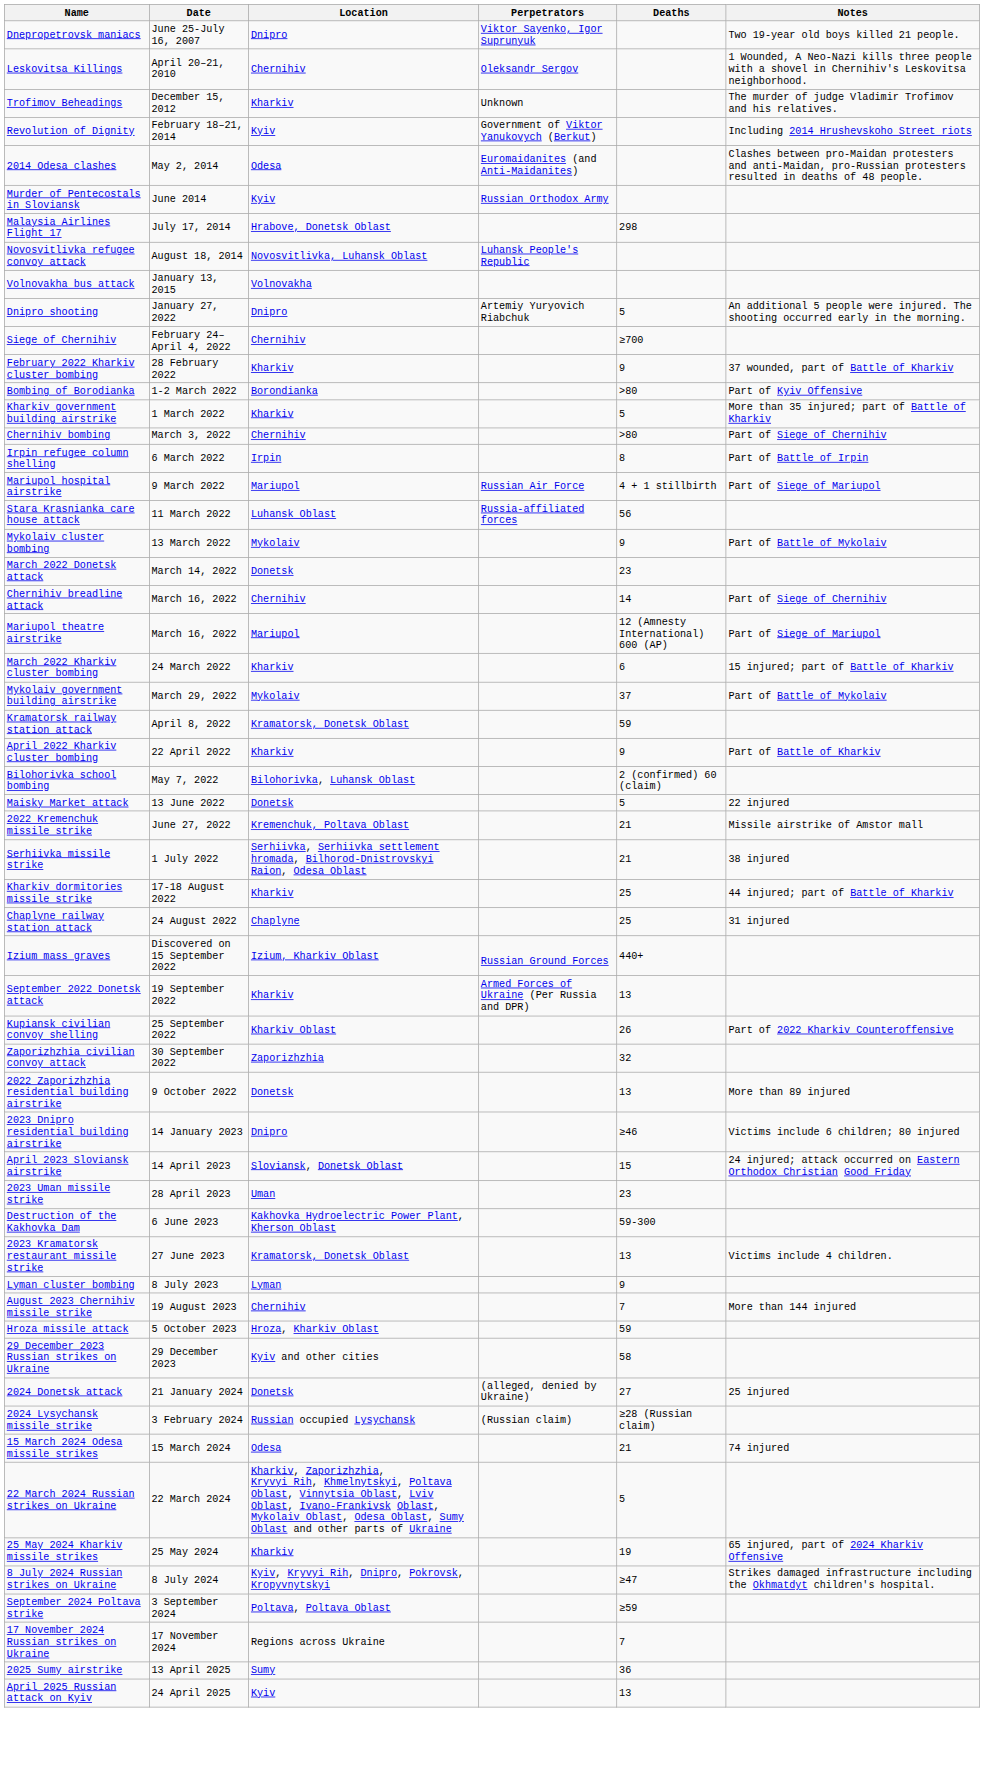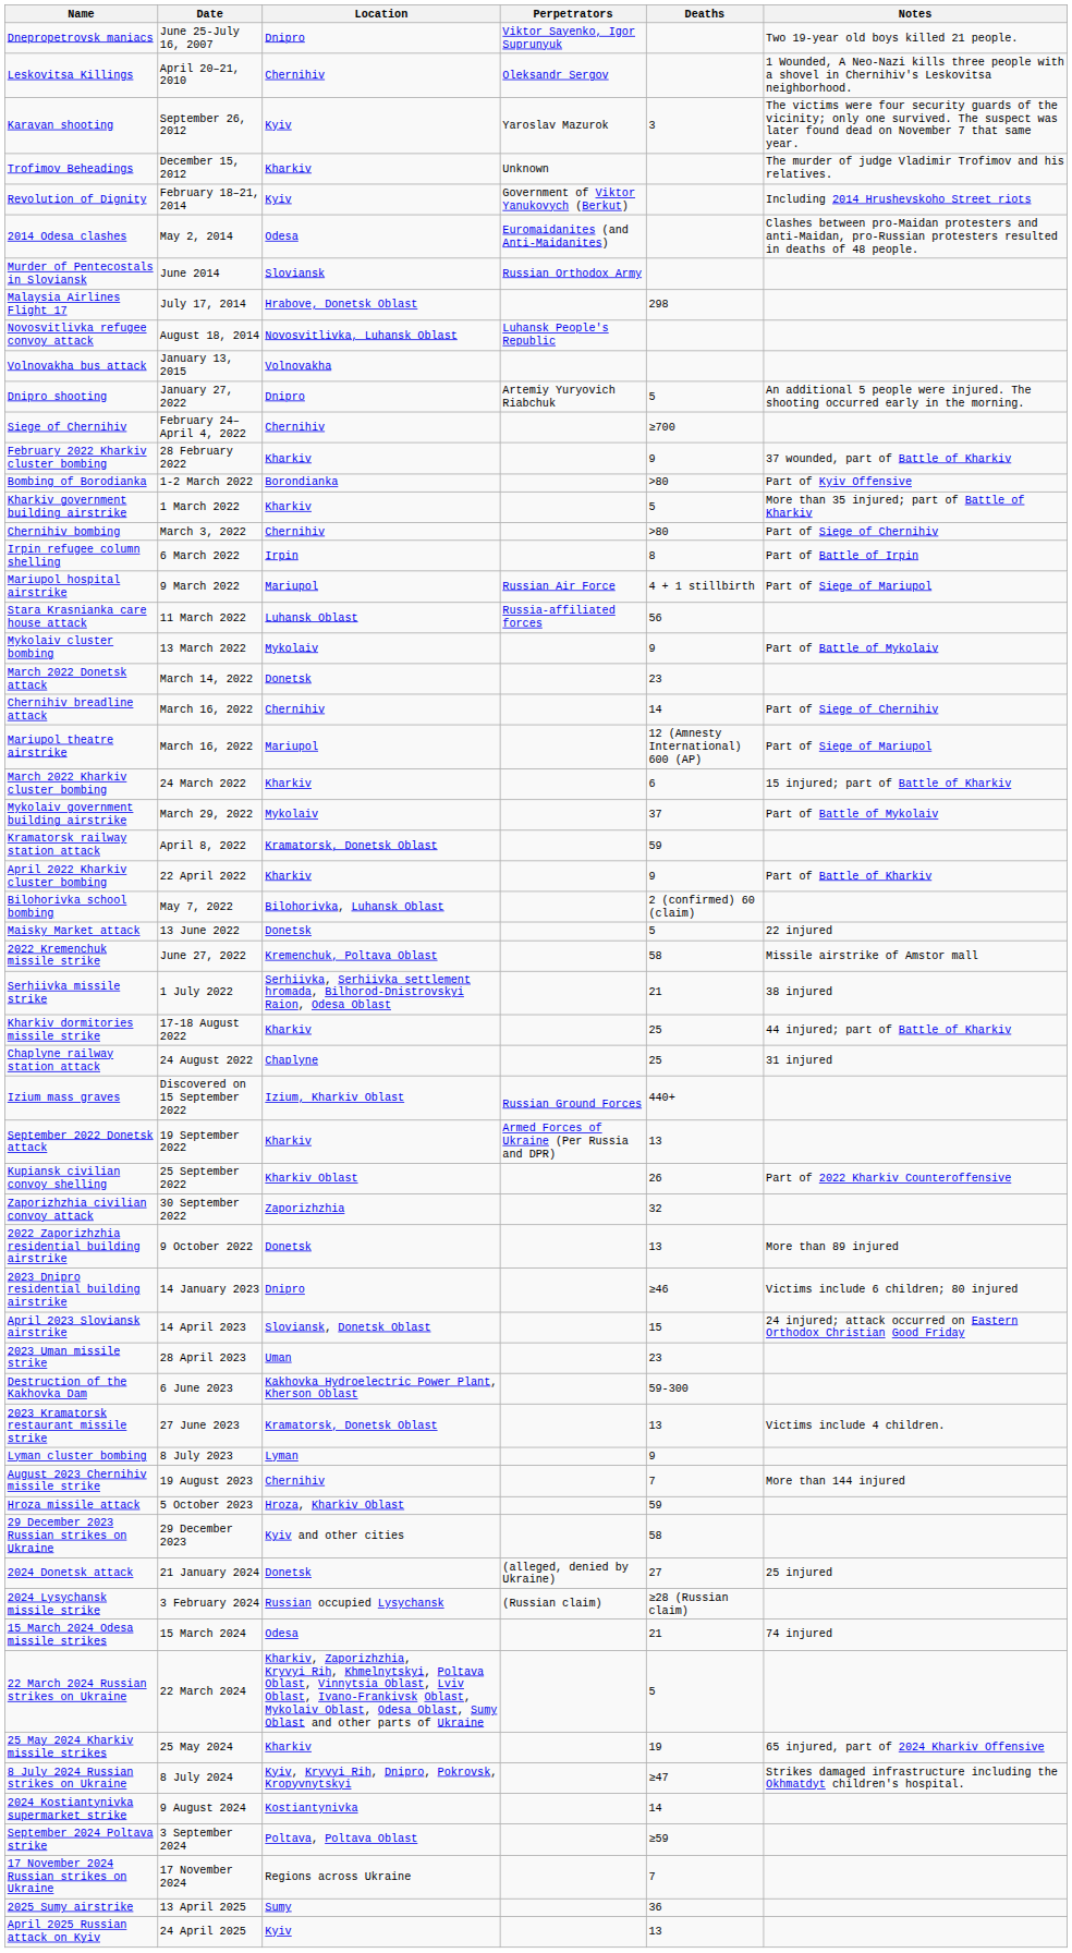 <table class="sortable wikitable">
 <tr>
 <th scope="col">Name</th>
 <th scope="col">Date</th>
 <th scope="col">Location</th>
 <th scope="col">Perpetrators</th>
 <th scope="col">Deaths</th>
 <th scope="col">Notes</th>
 </tr>
 <tr>
 <td Scope="row"><a href='#'>Dnepropetrovsk maniacs</a></td>
 <td>June 25-July 16, 2007</td>
 <td><a href='#'>Dnipro</a></td>
 <td><a href='#'>Viktor Sayenko, Igor Suprunyuk</a></td>
 <td></td>
 <td>Two 19-year old boys killed 21 people.</td>
 </tr>
 <tr>
 <td Scope="row"><a href='#'>Leskovitsa Killings</a></td>
 <td>April 20–21, 2010</td>
 <td><a href='#'>Chernihiv</a></td>
 <td><a href='#'>Oleksandr Sergov</a></td>
 <td></td>
 <td>1 Wounded, A Neo-Nazi kills three people with a shovel in Chernihiv's Leskovitsa neighborhood.</td>
+</tr>
+<tr>
+<td><a href='#'>Karavan shooting</a></td>
+<td>September 26, 2012</td>
+<td><a href='#'>Kyiv</a></td>
+<td>Yaroslav Mazurok</td>
+<td>3</td>
+<td>The victims were four security guards of the vicinity; only one survived. The suspect was later found dead on November 7 that same year.</td>
 </tr>
 <tr>
 <td scope="row"><a href='#'>Trofimov Beheadings</a></td>
 <td>December 15, 2012</td>
 <td><a href='#'>Kharkiv</a></td>
 <td>Unknown</td>
 <td></td>
 <td>The murder of judge Vladimir Trofimov and his relatives.</td>
 </tr>
 <tr>
 <td scope="row"><a href='#'>Revolution of Dignity</a></td>
 <td>February 18–21, 2014</td>
 <td><a href='#'>Kyiv</a></td>
 <td>Government of <a href='#'>Viktor Yanukovych</a> (<a href='#'>Berkut</a>)</td>
 <td></td>
 <td>Including <a href='#'>2014 Hrushevskoho Street riots</a></td>
 </tr>
 <tr>
 <td scope="row"><a href='#'>2014 Odesa clashes</a></td>
 <td>May 2, 2014</td>
 <td><a href='#'>Odesa</a></td>
 <td><a href='#'>Euromaidanites</a> (and <a href='#'>Anti-Maidanites</a>)</td>
 <td></td>
 <td>Clashes between pro-Maidan protesters and anti-Maidan, pro-Russian protesters resulted in deaths of 48 people.</td>
 </tr>
 <tr>
 <td scope="row"><a href='#'>Murder of Pentecostals in Sloviansk</a></td>
 <td>June 2014</td>
-<td><a href='#'>Kyiv</a></td>
+<td><a href='#'>Sloviansk</a></td>
 <td><a href='#'>Russian Orthodox Army</a></td>
 <td></td>
 <td></td>
 </tr>
 <tr>
 <td scope="row"><a href='#'>Malaysia Airlines Flight 17</a></td>
 <td>July 17, 2014</td>
 <td><a href='#'>Hrabove, Donetsk Oblast</a></td>
 <td></td>
 <td>298</td>
 <td></td>
 </tr>
 <tr>
 <td scope="row"><a href='#'>Novosvitlivka refugee convoy attack</a></td>
 <td>August 18, 2014</td>
 <td><a href='#'>Novosvitlivka, Luhansk Oblast</a></td>
 <td> <a href='#'>Luhansk People's Republic</a></td>
 <td></td>
 <td></td>
 </tr>
 <tr>
 <td scope="row"><a href='#'>Volnovakha bus attack</a></td>
 <td>January 13, 2015</td>
 <td><a href='#'>Volnovakha</a></td>
 <td></td>
 <td></td>
 <td></td>
 </tr>
 <tr>
 <td><a href='#'>Dnipro shooting</a></td>
 <td>January 27, 2022</td>
 <td><a href='#'>Dnipro</a></td>
 <td>Artemiy Yuryovich Riabchuk</td>
 <td>5</td>
 <td>An additional 5 people were injured. The shooting occurred early in the morning.</td>
 </tr>
 <tr>
 <td scope="row"><a href='#'>Siege of Chernihiv</a></td>
 <td>February 24–April 4, 2022</td>
 <td><a href='#'>Chernihiv</a></td>
 <td></td>
 <td>≥700</td>
 <td></td>
 </tr>
 <tr>
 <td><a href='#'>February 2022 Kharkiv cluster bombing</a></td>
 <td>28 February 2022</td>
 <td><a href='#'>Kharkiv</a></td>
 <td></td>
 <td>9</td>
 <td>37 wounded, part of <a href='#'>Battle of Kharkiv</a></td>
 </tr>
 <tr>
 <td><a href='#'>Bombing of Borodianka</a></td>
 <td>1-2 March 2022</td>
 <td><a href='#'>Borondianka</a></td>
 <td></td>
 <td>>80</td>
 <td>Part of <a href='#'>Kyiv Offensive</a></td>
 </tr>
 <tr>
 <td><a href='#'>Kharkiv government building airstrike</a></td>
 <td>1 March 2022</td>
 <td><a href='#'>Kharkiv</a></td>
 <td></td>
 <td>5</td>
 <td>More than 35 injured; part of <a href='#'>Battle of Kharkiv</a></td>
 </tr>
 <tr>
 <td scope="row"><a href='#'>Chernihiv bombing</a></td>
 <td>March 3, 2022</td>
 <td><a href='#'>Chernihiv</a></td>
 <td></td>
 <td>>80</td>
 <td>Part of <a href='#'>Siege of Chernihiv</a></td>
 </tr>
 <tr>
 <td><a href='#'>Irpin refugee column shelling</a></td>
 <td>6 March 2022</td>
 <td><a href='#'>Irpin</a></td>
 <td></td>
 <td>8</td>
 <td>Part of <a href='#'>Battle of Irpin</a></td>
 </tr>
 <tr>
 <td><a href='#'>Mariupol hospital airstrike</a></td>
 <td>9 March 2022</td>
 <td><a href='#'>Mariupol</a></td>
 <td> <a href='#'>Russian Air Force</a></td>
 <td>4 + 1 stillbirth</td>
 <td>Part of <a href='#'>Siege of Mariupol</a></td>
 </tr>
 <tr>
 <td><a href='#'>Stara Krasnianka care house attack</a></td>
 <td>11 March 2022</td>
 <td><a href='#'>Luhansk Oblast</a></td>
 <td><a href='#'>Russia-affiliated forces</a></td>
 <td>56</td>
 <td></td>
 </tr>
 <tr>
 <td><a href='#'>Mykolaiv cluster bombing</a></td>
 <td>13 March 2022</td>
 <td><a href='#'>Mykolaiv</a></td>
 <td></td>
 <td>9</td>
 <td>Part of <a href='#'>Battle of Mykolaiv</a></td>
 </tr>
 <tr>
 <td scope="row"><a href='#'>March 2022 Donetsk attack</a></td>
 <td>March 14, 2022</td>
 <td><a href='#'>Donetsk</a></td>
 <td><br></td>
 <td>23</td>
 <td></td>
 </tr>
 <tr>
 <td scope="row"><a href='#'>Chernihiv breadline attack</a></td>
 <td>March 16, 2022</td>
 <td><a href='#'>Chernihiv</a></td>
 <td></td>
 <td>14</td>
 <td>Part of <a href='#'>Siege of Chernihiv</a></td>
 </tr>
 <tr>
 <td scope="row"><a href='#'>Mariupol theatre airstrike</a></td>
 <td>March 16, 2022</td>
 <td><a href='#'>Mariupol</a></td>
 <td></td>
 <td>12 (Amnesty International)<br>600 (AP)</td>
 <td>Part of <a href='#'>Siege of Mariupol</a></td>
 </tr>
 <tr>
 <td><a href='#'>March 2022 Kharkiv cluster bombing</a></td>
 <td>24 March 2022</td>
 <td><a href='#'>Kharkiv</a></td>
 <td></td>
 <td>6</td>
 <td>15 injured; part of <a href='#'>Battle of Kharkiv</a></td>
 </tr>
 <tr>
 <td scope="row"><a href='#'>Mykolaiv government building airstrike</a></td>
 <td>March 29, 2022</td>
 <td><a href='#'>Mykolaiv</a></td>
 <td></td>
 <td>37</td>
 <td>Part of <a href='#'>Battle of Mykolaiv</a></td>
 </tr>
 <tr>
 <td scope="row"><a href='#'>Kramatorsk railway station attack</a></td>
 <td>April 8, 2022</td>
 <td><a href='#'>Kramatorsk, Donetsk Oblast</a></td>
 <td></td>
 <td>59</td>
 <td></td>
 </tr>
 <tr>
 <td><a href='#'>April 2022 Kharkiv cluster bombing</a></td>
 <td>22 April 2022</td>
 <td><a href='#'>Kharkiv</a></td>
 <td></td>
 <td>9</td>
 <td>Part of <a href='#'>Battle of Kharkiv</a></td>
 </tr>
 <tr>
 <td scope="row"><a href='#'>Bilohorivka school bombing</a></td>
 <td>May 7, 2022</td>
 <td><a href='#'>Bilohorivka</a>, <a href='#'>Luhansk Oblast</a></td>
 <td></td>
 <td>2 (confirmed) 60 (claim)</td>
 <td></td>
 </tr>
 <tr>
 <td><a href='#'>Maisky Market attack</a></td>
 <td>13 June 2022</td>
 <td><a href='#'>Donetsk</a></td>
 <td></td>
 <td>5</td>
 <td>22 injured</td>
 </tr>
 <tr>
 <td scope="row"><a href='#'>2022 Kremenchuk missile strike</a></td>
 <td>June 27, 2022</td>
 <td><a href='#'>Kremenchuk, Poltava Oblast</a></td>
 <td></td>
-<td>21</td>
+<td>58</td>
 <td>Missile airstrike of Amstor mall</td>
 </tr>
 <tr>
 <td><a href='#'>Serhiivka missile strike</a></td>
 <td>1 July 2022</td>
 <td><a href='#'>Serhiivka</a>, <a href='#'>Serhiivka settlement hromada</a>, <a href='#'>Bilhorod-Dnistrovskyi Raion</a>, <a href='#'>Odesa Oblast</a></td>
 <td></td>
 <td>21</td>
 <td>38 injured</td>
 </tr>
 <tr>
 <td><a href='#'>Kharkiv dormitories missile strike</a></td>
 <td>17-18 August 2022</td>
 <td><a href='#'>Kharkiv</a></td>
 <td></td>
 <td>25</td>
 <td>44 injured; part of <a href='#'>Battle of Kharkiv</a></td>
 </tr>
 <tr>
 <td><a href='#'>Chaplyne railway station attack</a></td>
 <td>24 August 2022</td>
 <td><a href='#'>Chaplyne</a></td>
 <td></td>
 <td>25</td>
 <td>31 injured</td>
 </tr>
 <tr>
 <td scope="row"><a href='#'>Izium mass graves</a></td>
 <td>Discovered on 15 September 2022</td>
 <td><a href='#'>Izium, Kharkiv Oblast</a></td>
 <td><br><a href='#'>Russian Ground Forces</a></td>
 <td>440+</td>
 <td></td>
 </tr>
 <tr>
 <td><a href='#'>September 2022 Donetsk attack</a></td>
 <td>19 September 2022</td>
 <td><a href='#'>Kharkiv</a></td>
 <td> <a href='#'>Armed Forces of Ukraine</a> (Per Russia and DPR)</td>
 <td>13</td>
 <td></td>
 </tr>
 <tr>
 <td><a href='#'>Kupiansk civilian convoy shelling</a></td>
 <td>25 September 2022</td>
 <td><a href='#'>Kharkiv Oblast</a></td>
 <td></td>
 <td>26</td>
 <td>Part of <a href='#'>2022 Kharkiv Counteroffensive</a></td>
 </tr>
 <tr>
 <td><a href='#'>Zaporizhzhia civilian convoy attack</a></td>
 <td>30 September 2022</td>
 <td><a href='#'>Zaporizhzhia</a></td>
 <td></td>
 <td>32</td>
 <td></td>
 </tr>
 <tr>
 <td><a href='#'>2022 Zaporizhzhia residential building airstrike</a></td>
 <td>9 October 2022</td>
 <td><a href='#'>Donetsk</a></td>
 <td></td>
 <td>13</td>
 <td>More than 89 injured</td>
 </tr>
 <tr>
 <td><a href='#'>2023 Dnipro residential building airstrike</a></td>
 <td>14 January 2023</td>
 <td><a href='#'>Dnipro</a></td>
 <td></td>
 <td>≥46</td>
 <td>Victims include 6 children; 80 injured</td>
 </tr>
 <tr>
 <td><a href='#'>April 2023 Sloviansk airstrike</a></td>
 <td>14 April 2023</td>
 <td><a href='#'>Sloviansk</a>, <a href='#'>Donetsk Oblast</a></td>
 <td></td>
 <td>15</td>
 <td>24 injured; attack occurred on  <a href='#'>Eastern Orthodox Christian</a> <a href='#'>Good Friday</a></td>
 </tr>
 <tr>
 <td><a href='#'>2023 Uman missile strike</a></td>
 <td>28 April 2023</td>
 <td><a href='#'>Uman</a></td>
 <td></td>
 <td>23</td>
 <td></td>
 </tr>
 <tr>
 <td><a href='#'>Destruction of the Kakhovka Dam</a></td>
 <td>6 June 2023</td>
 <td><a href='#'>Kakhovka Hydroelectric Power Plant</a>, <a href='#'>Kherson Oblast</a></td>
 <td></td>
 <td>59-300</td>
 <td></td>
 </tr>
 <tr>
 <td><a href='#'>2023 Kramatorsk restaurant missile strike</a></td>
 <td>27 June 2023</td>
 <td><a href='#'>Kramatorsk, Donetsk Oblast</a></td>
 <td></td>
 <td>13</td>
 <td>Victims include 4 children.</td>
 </tr>
 <tr>
 <td><a href='#'>Lyman cluster bombing</a></td>
 <td>8 July 2023</td>
 <td><a href='#'>Lyman</a></td>
 <td></td>
 <td>9</td>
 <td></td>
 </tr>
 <tr>
 <td><a href='#'>August 2023 Chernihiv missile strike</a></td>
 <td>19 August 2023</td>
 <td><a href='#'>Chernihiv</a></td>
 <td></td>
 <td>7</td>
 <td>More than 144 injured</td>
 </tr>
 <tr>
 <td><a href='#'>Hroza missile attack</a></td>
 <td>5 October 2023</td>
 <td><a href='#'>Hroza</a>, <a href='#'>Kharkiv Oblast</a></td>
 <td></td>
 <td>59</td>
 <td></td>
 </tr>
 <tr>
 <td><a href='#'>29 December 2023 Russian strikes on Ukraine</a></td>
 <td>29 December 2023</td>
 <td><a href='#'>Kyiv</a> and other cities</td>
 <td></td>
 <td>58</td>
 <td></td>
 </tr>
 <tr>
 <td><a href='#'>2024 Donetsk attack</a></td>
 <td>21 January 2024</td>
 <td><a href='#'>Donetsk</a></td>
 <td> (alleged, denied by Ukraine)</td>
 <td>27</td>
 <td>25 injured</td>
 </tr>
 <tr>
 <td><a href='#'>2024 Lysychansk missile strike</a></td>
 <td>3 February 2024</td>
 <td><a href='#'>Russian</a> occupied <a href='#'>Lysychansk</a></td>
 <td> (Russian claim)</td>
 <td>≥28 (Russian claim)</td>
 <td></td>
 </tr>
 <tr>
 <td><a href='#'>15 March 2024 Odesa missile strikes</a></td>
 <td>15 March 2024</td>
 <td><a href='#'>Odesa</a></td>
 <td></td>
 <td>21</td>
 <td>74 injured</td>
 </tr>
 <tr>
 <td><a href='#'>22 March 2024 Russian strikes on Ukraine</a></td>
 <td>22 March 2024</td>
 <td><a href='#'>Kharkiv</a>, <a href='#'>Zaporizhzhia</a>,<br><a href='#'>Kryvyi Rih</a>, <a href='#'>Khmelnytskyi</a>, <a href='#'>Poltava Oblast</a>,  <a href='#'>Vinnytsia Oblast</a>, <a href='#'>Lviv</a><br><a href='#'>Oblast</a>, <a href='#'>Ivano-Frankivsk</a>  <a href='#'>Oblast</a>, <a href='#'>Mykolaiv Oblast</a>, <a href='#'>Odesa Oblast</a>, <a href='#'>Sumy Oblast</a> and other parts of <a href='#'>Ukraine</a></td>
 <td></td>
 <td>5</td>
 <td></td>
 </tr>
 <tr>
 <td><a href='#'>25 May 2024 Kharkiv missile strikes</a></td>
 <td>25 May 2024</td>
 <td><a href='#'>Kharkiv</a></td>
 <td></td>
 <td>19</td>
 <td>65 injured, part of <a href='#'>2024 Kharkiv Offensive</a></td>
 </tr>
 <tr>
 <td><a href='#'>8 July 2024 Russian strikes on Ukraine</a></td>
 <td>8 July 2024</td>
 <td><a href='#'>Kyiv</a>, <a href='#'>Kryvyi Rih</a>, <a href='#'>Dnipro</a>, <a href='#'>Pokrovsk</a>, <a href='#'>Kropyvnytskyi</a></td>
 <td></td>
 <td>≥47</td>
 <td>Strikes damaged infrastructure including the <a href='#'>Okhmatdyt</a> children's hospital.</td>
 </tr>
 <tr>
+<td><a href='#'>2024 Kostiantynivka supermarket strike</a></td>
+<td>9 August 2024</td>
+<td><a href='#'>Kostiantynivka</a></td>
+<td></td>
+<td>14</td>
+<td></td>
+</tr>
+<tr>
 <td><a href='#'>September 2024 Poltava strike</a></td>
 <td>3 September 2024</td>
 <td><a href='#'>Poltava</a>, <a href='#'>Poltava Oblast</a></td>
 <td></td>
 <td>≥59</td>
 <td></td>
 </tr>
 <tr>
 <td><a href='#'>17 November 2024 Russian strikes on Ukraine</a></td>
 <td>17 November 2024</td>
 <td>Regions across Ukraine</td>
 <td></td>
 <td>7</td>
 <td></td>
 </tr>
 <tr>
 <td><a href='#'>2025 Sumy airstrike</a></td>
 <td>13 April 2025</td>
 <td><a href='#'>Sumy</a></td>
 <td></td>
 <td>36</td>
 <td></td>
 </tr>
 <tr>
 <td><a href='#'>April 2025 Russian attack on Kyiv</a></td>
 <td>24 April 2025</td>
 <td><a href='#'>Kyiv</a></td>
 <td></td>
 <td>13</td>
 <td></td>
 </tr>
 </table>
